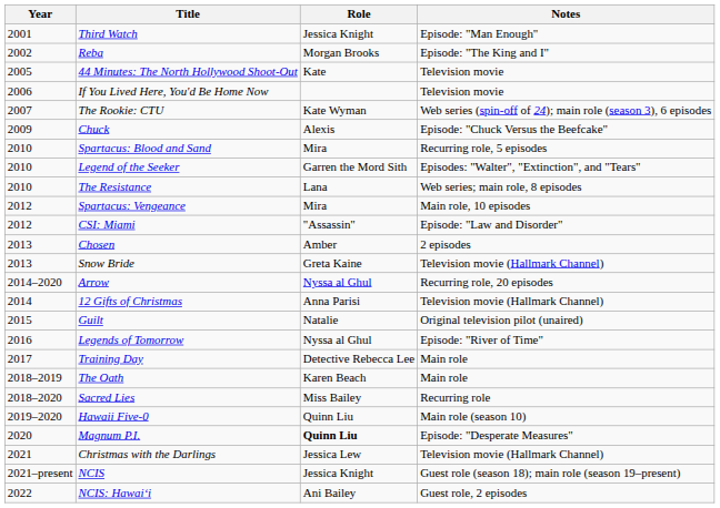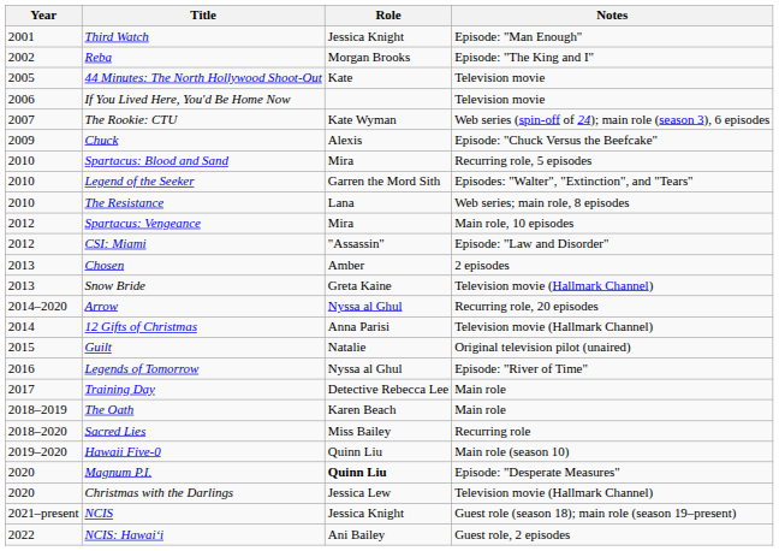 <table class="wikitable sortable">
 <tr>
 <th>Year</th>
 <th>Title</th>
 <th>Role</th>
 <th>Notes</th>
 </tr>
 <tr>
 <td>2001</td>
 <td><em><a href='#'>Third Watch</a></em></td>
 <td>Jessica Knight</td>
 <td>Episode: "Man Enough"</td>
 </tr>
 <tr>
 <td>2002</td>
 <td><em><a href='#'>Reba</a></em></td>
 <td>Morgan Brooks</td>
 <td>Episode: "The King and I"</td>
 </tr>
 <tr>
 <td>2005</td>
 <td><em><a href='#'>44 Minutes: The North Hollywood Shoot-Out</a></em></td>
 <td>Kate</td>
 <td>Television movie</td>
 </tr>
 <tr>
 <td>2006</td>
 <td><em>If You Lived Here, You'd Be Home Now</em></td>
 <td></td>
 <td>Television movie</td>
 </tr>
 <tr>
 <td>2007</td>
 <td><em>The Rookie: CTU</em></td>
 <td>Kate Wyman</td>
 <td>Web series (<a href='#'>spin-off</a> of <em><a href='#'>24</a></em>); main role (<a href='#'>season 3</a>), 6 episodes</td>
 </tr>
 <tr>
 <td>2009</td>
 <td><em><a href='#'>Chuck</a></em></td>
 <td>Alexis</td>
 <td>Episode: "Chuck Versus the Beefcake"</td>
 </tr>
 <tr>
 <td>2010</td>
 <td><em><a href='#'>Spartacus: Blood and Sand</a></em></td>
 <td>Mira</td>
 <td>Recurring role, 5 episodes</td>
 </tr>
 <tr>
 <td>2010</td>
 <td><em><a href='#'>Legend of the Seeker</a></em></td>
 <td>Garren the Mord Sith</td>
 <td>Episodes: "Walter", "Extinction", and "Tears"</td>
 </tr>
 <tr>
 <td>2010</td>
 <td><em><a href='#'>The Resistance</a></em></td>
 <td>Lana</td>
 <td>Web series; main role, 8 episodes</td>
 </tr>
 <tr>
 <td>2012</td>
 <td><em><a href='#'>Spartacus: Vengeance</a></em></td>
 <td>Mira</td>
 <td>Main role, 10 episodes</td>
 </tr>
 <tr>
 <td>2012</td>
 <td><em><a href='#'>CSI: Miami</a></em></td>
 <td>"Assassin"</td>
 <td>Episode: "Law and Disorder"</td>
 </tr>
 <tr>
 <td>2013</td>
 <td><em><a href='#'>Chosen</a></em></td>
 <td>Amber</td>
 <td>2 episodes</td>
 </tr>
 <tr>
 <td>2013</td>
 <td><em>Snow Bride</em></td>
 <td>Greta Kaine</td>
 <td>Television movie (<a href='#'>Hallmark Channel</a>)</td>
 </tr>
 <tr>
 <td>2014–2020</td>
 <td><em><a href='#'>Arrow</a></em></td>
 <td><a href='#'>Nyssa al Ghul</a></td>
 <td>Recurring role, 20 episodes</td>
 </tr>
 <tr>
 <td>2014</td>
 <td><em><a href='#'>12 Gifts of Christmas</a></em></td>
 <td>Anna Parisi</td>
 <td>Television movie (Hallmark Channel)</td>
 </tr>
 <tr>
 <td>2015</td>
 <td><em><a href='#'>Guilt</a></em></td>
 <td>Natalie</td>
 <td>Original television pilot (unaired)</td>
 </tr>
 <tr>
 <td>2016</td>
 <td><em><a href='#'>Legends of Tomorrow</a></em></td>
 <td>Nyssa al Ghul</td>
 <td>Episode: "River of Time"</td>
 </tr>
 <tr>
 <td>2017</td>
 <td><em><a href='#'>Training Day</a></em></td>
 <td>Detective Rebecca Lee</td>
 <td>Main role</td>
 </tr>
 <tr>
 <td>2018–2019</td>
 <td><em><a href='#'>The Oath</a></em></td>
 <td>Karen Beach</td>
 <td>Main role</td>
 </tr>
 <tr>
 <td>2018–2020</td>
 <td><em><a href='#'>Sacred Lies</a></em></td>
 <td>Miss Bailey</td>
 <td>Recurring role</td>
 </tr>
 <tr>
 <td>2019–2020</td>
 <td><em><a href='#'>Hawaii Five-0</a></em></td>
 <td>Quinn Liu</td>
 <td>Main role (season 10)</td>
 </tr>
 <tr>
 <td>2020</td>
 <td><em><a href='#'>Magnum P.I.</a></em></td>
 <td><strong>Quinn Liu</strong></td>
 <td>Episode: "Desperate Measures"</td>
 </tr>
 <tr>
-<td>2021</td>
+<td>2020</td>
 <td><em>Christmas with the Darlings</em></td>
 <td>Jessica Lew</td>
 <td>Television movie (Hallmark Channel)</td>
 </tr>
 <tr>
 <td>2021–present</td>
 <td><em><a href='#'>NCIS</a></em></td>
 <td>Jessica Knight</td>
 <td>Guest role (season 18); main role (season 19–present)</td>
 </tr>
 <tr>
 <td>2022</td>
 <td><em><a href='#'>NCIS: Hawaiʻi</a></em></td>
 <td>Ani Bailey</td>
 <td>Guest role, 2 episodes</td>
 </tr>
 </table>
